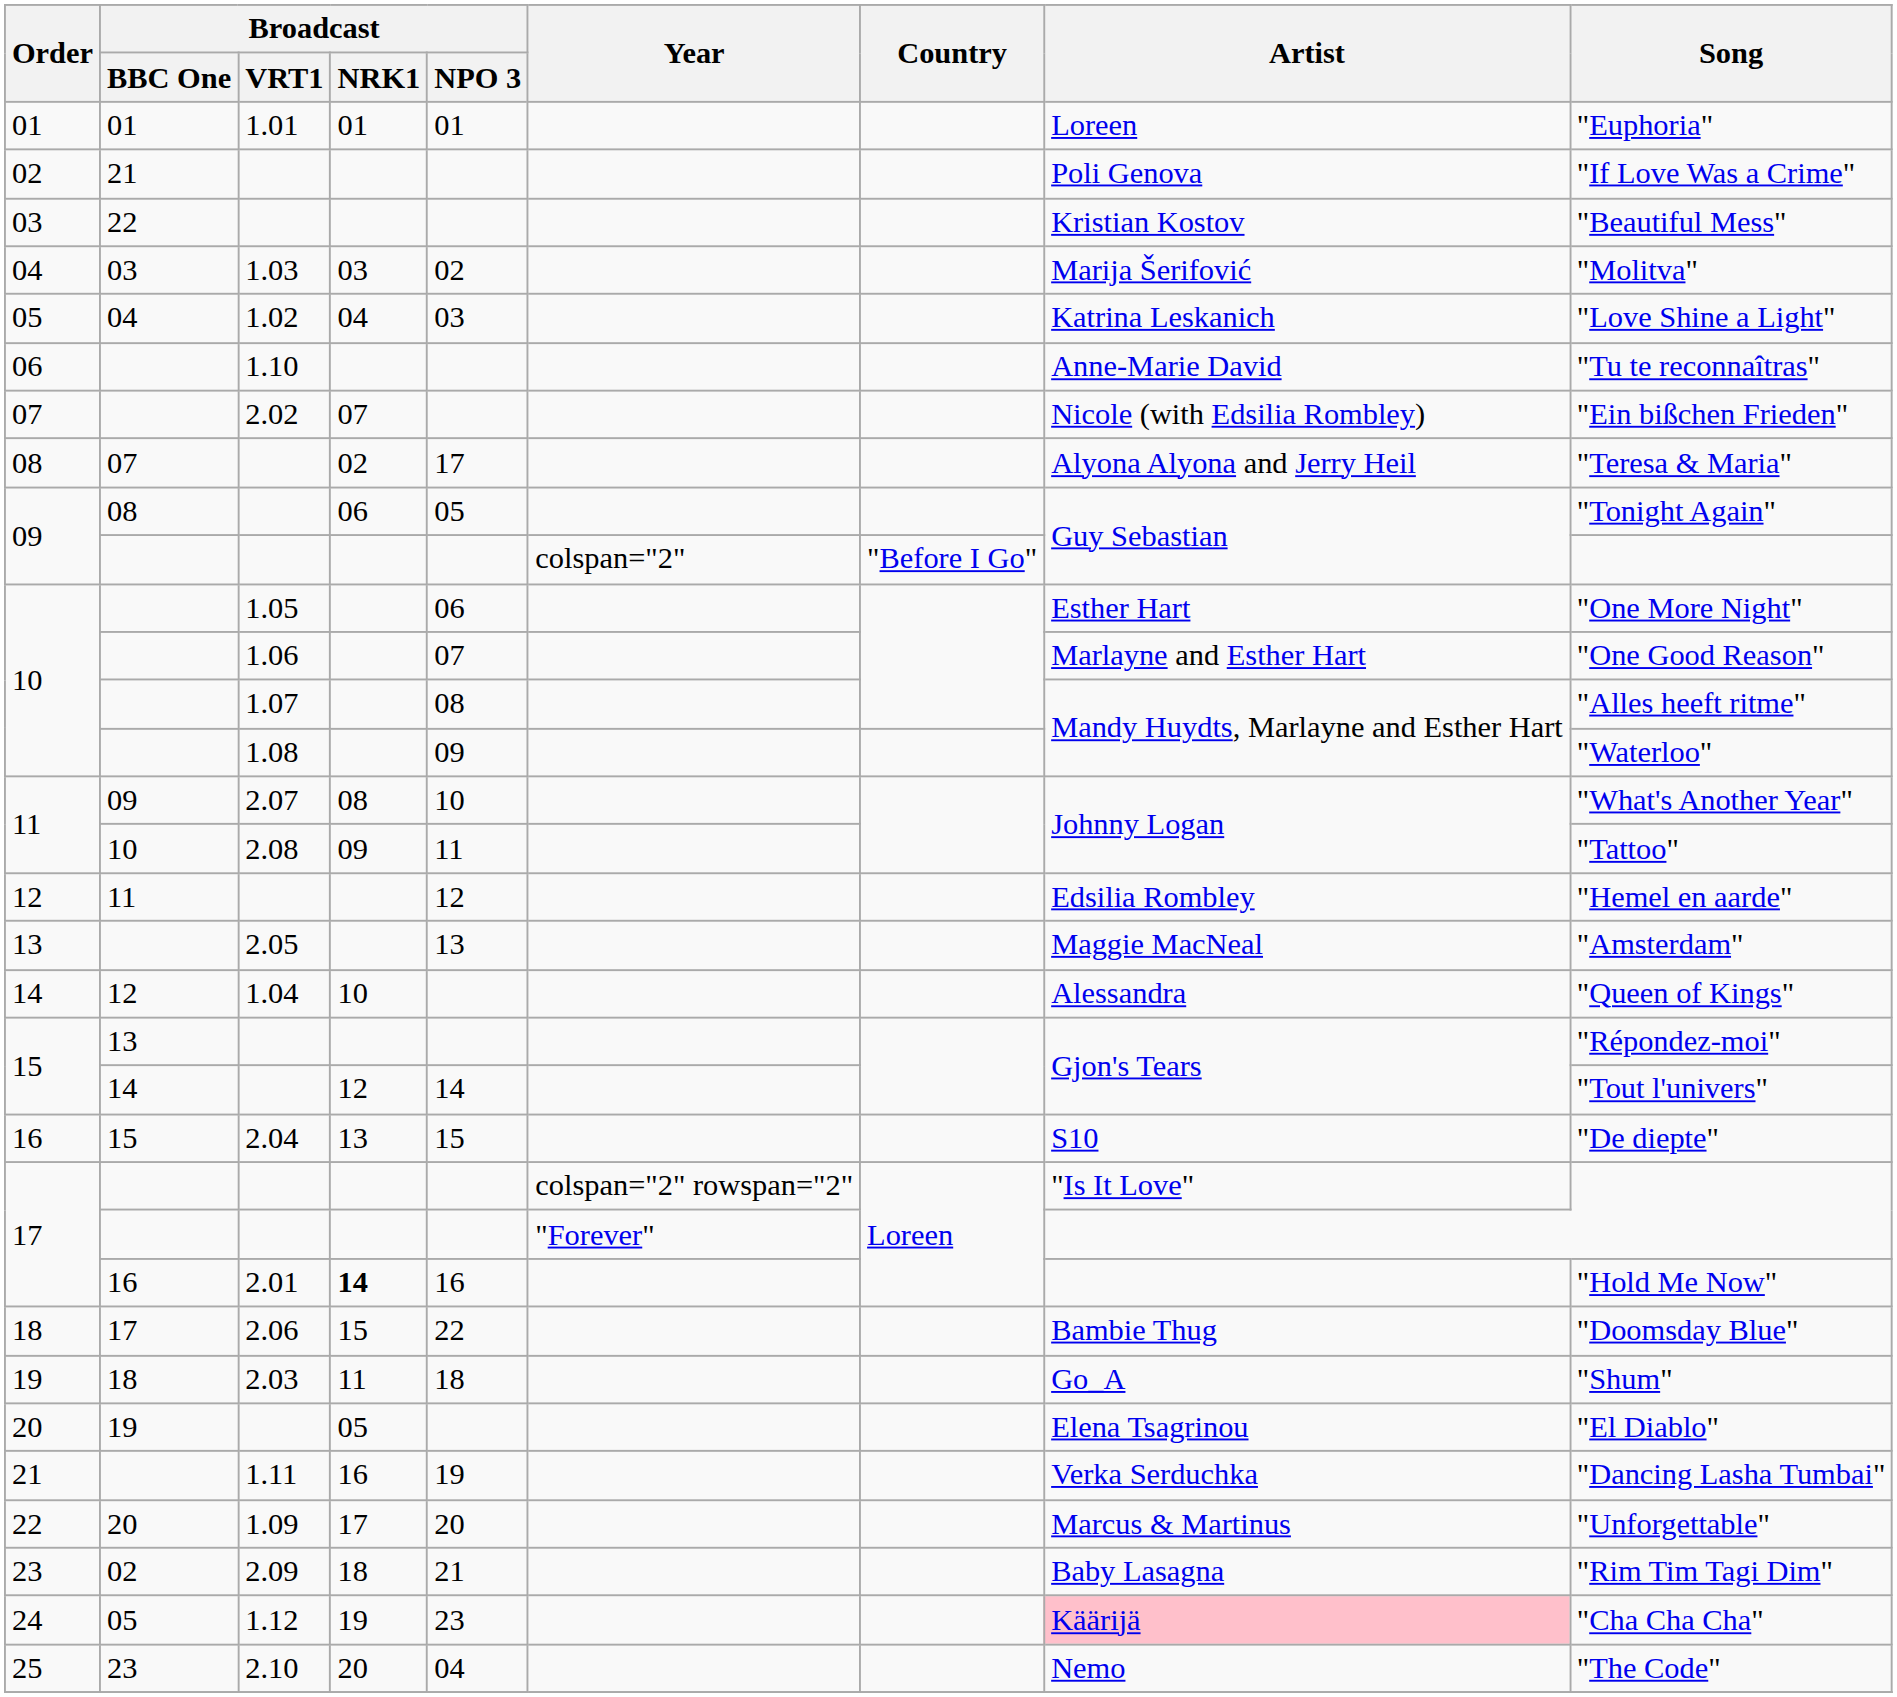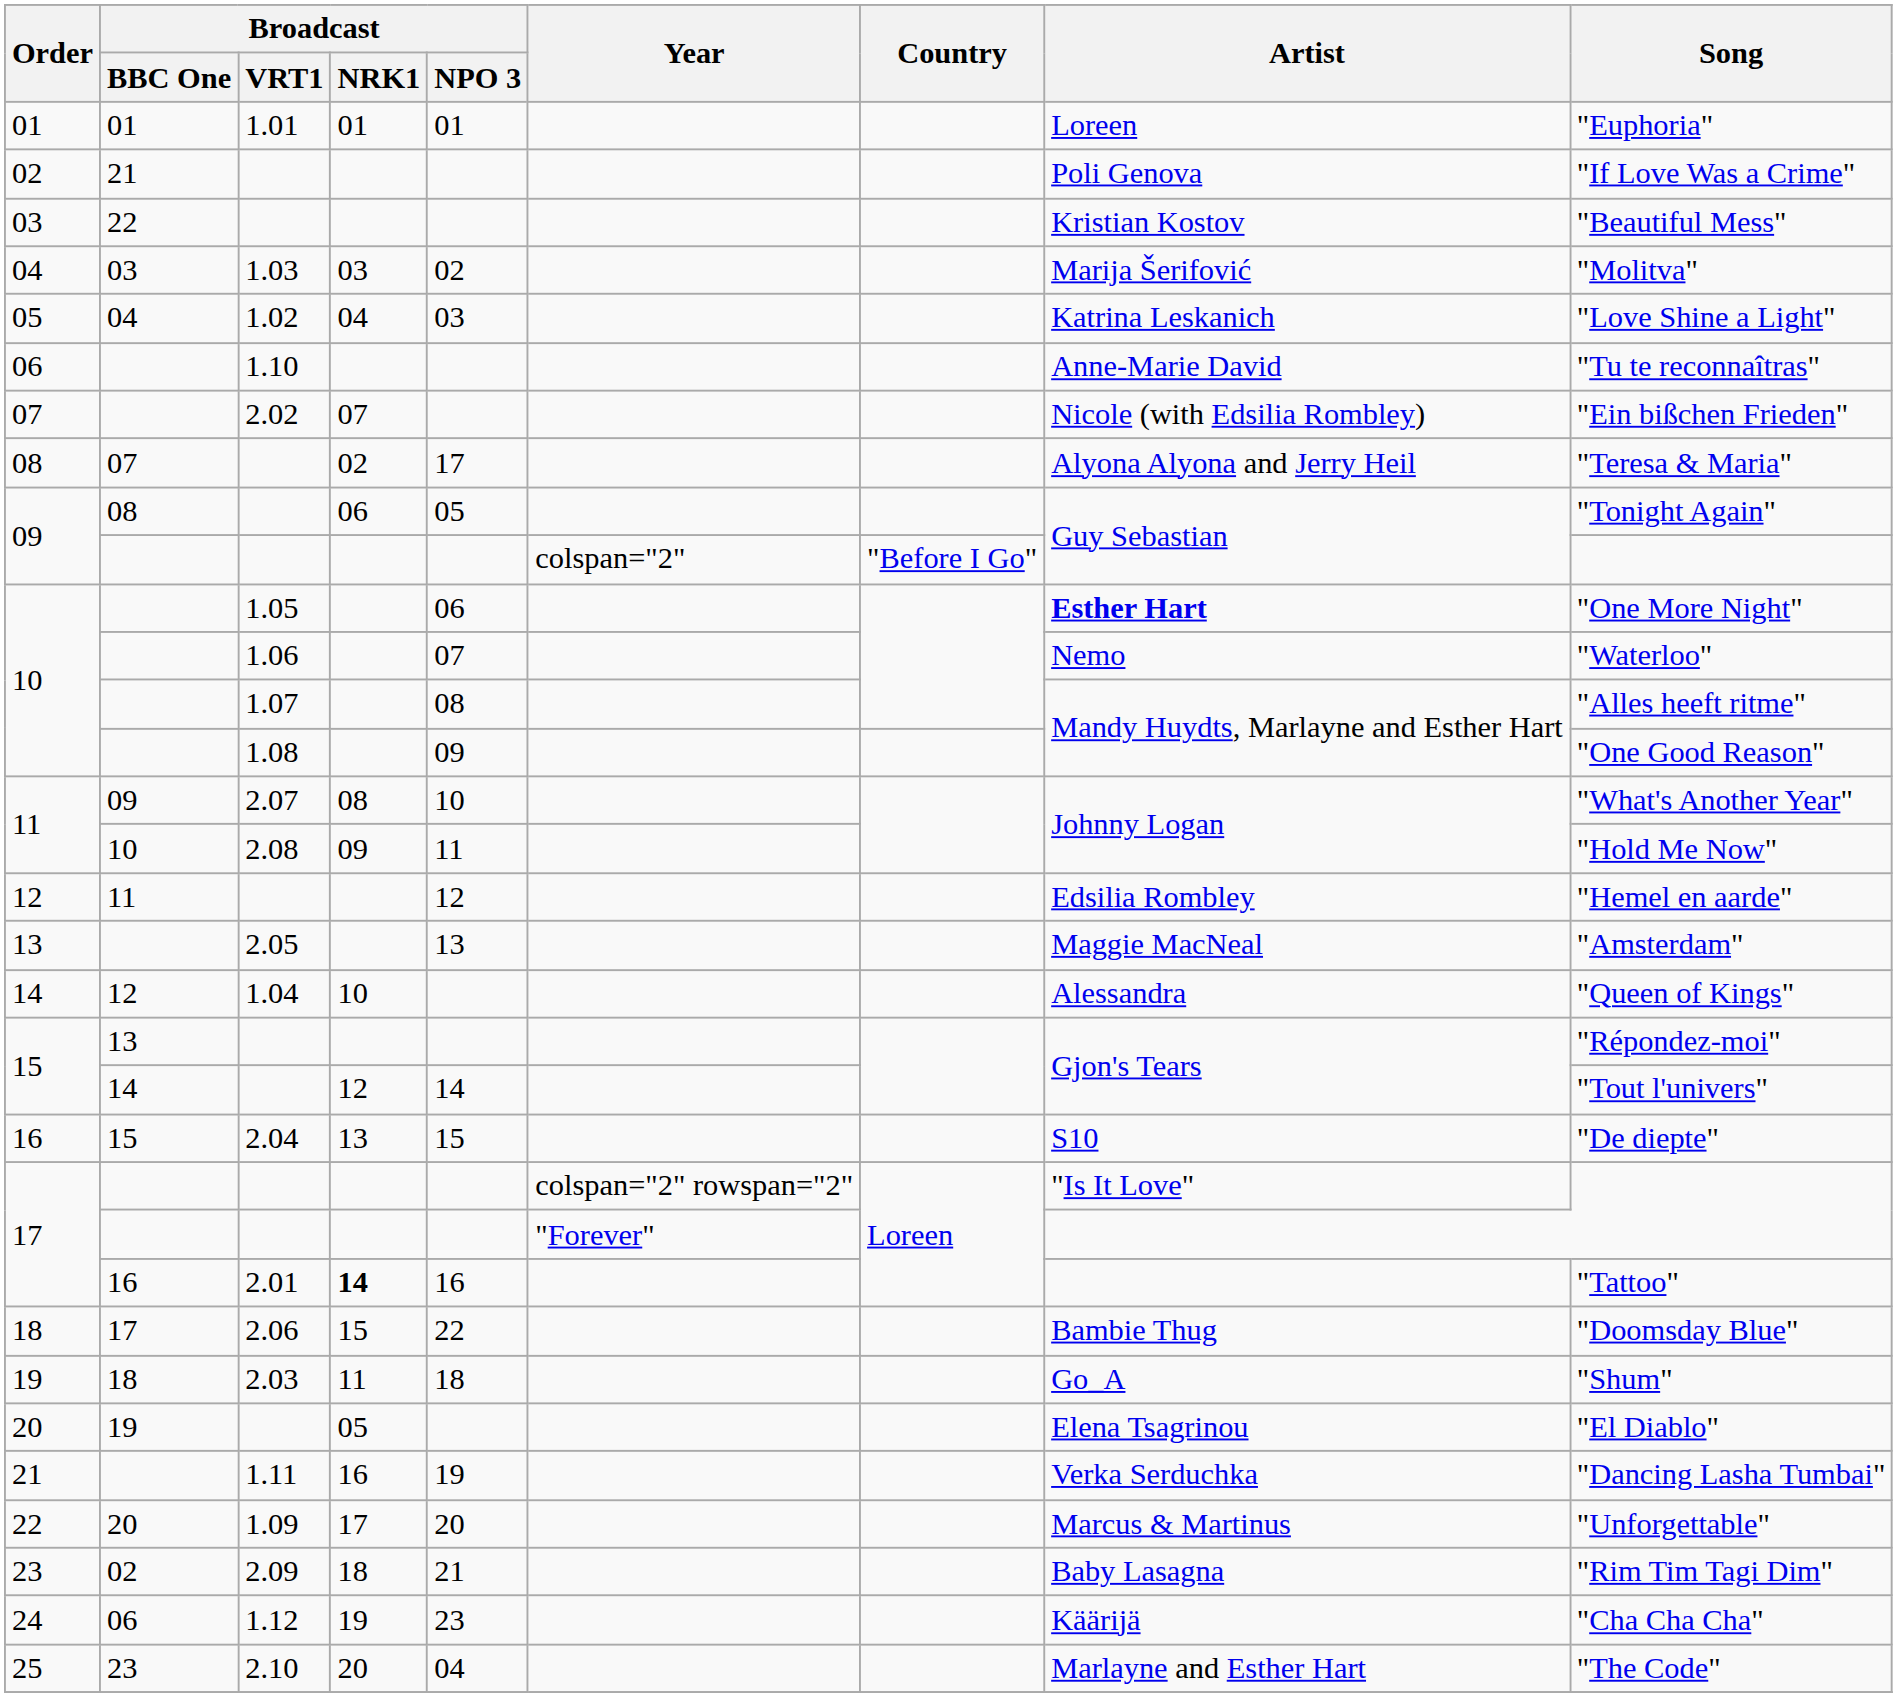 <table class="wikitable sortable">
 <tr>
 <th rowspan="2">Order</th>
 <th colspan="4">Broadcast</th>
 <th rowspan="2">Year</th>
 <th rowspan="2">Country</th>
 <th rowspan="2">Artist</th>
 <th rowspan="2">Song</th>
 </tr>
 <tr>
 <th>BBC One</th>
 <th>VRT1</th>
 <th>NRK1</th>
 <th>NPO 3</th>
 </tr>
 <tr>
 <td>01</td>
 <td>01</td>
 <td>1.01</td>
 <td>01</td>
 <td>01</td>
 <td></td>
 <td></td>
 <td><a href='#'>Loreen</a></td>
 <td>"<a href='#'>Euphoria</a>"</td>
 </tr>
 <tr>
 <td>02</td>
 <td>21</td>
 <td></td>
 <td></td>
 <td></td>
 <td></td>
 <td></td>
 <td><a href='#'>Poli Genova</a></td>
 <td>"<a href='#'>If Love Was a Crime</a>"</td>
 </tr>
 <tr>
 <td>03</td>
 <td>22</td>
 <td></td>
 <td></td>
 <td></td>
 <td></td>
 <td></td>
 <td><a href='#'>Kristian Kostov</a></td>
 <td>"<a href='#'>Beautiful Mess</a>"</td>
 </tr>
 <tr>
 <td>04</td>
 <td>03</td>
 <td>1.03</td>
 <td>03</td>
 <td>02</td>
 <td></td>
 <td></td>
 <td><a href='#'>Marija Šerifović</a></td>
 <td>"<a href='#'>Molitva</a>"</td>
 </tr>
 <tr>
 <td>05</td>
 <td>04</td>
 <td>1.02</td>
 <td>04</td>
 <td>03</td>
 <td></td>
 <td></td>
 <td><a href='#'>Katrina Leskanich</a></td>
 <td>"<a href='#'>Love Shine a Light</a>"</td>
 </tr>
 <tr>
 <td>06</td>
 <td></td>
 <td>1.10</td>
 <td></td>
 <td></td>
 <td></td>
 <td></td>
 <td><a href='#'>Anne-Marie David</a></td>
 <td>"<a href='#'>Tu te reconnaîtras</a>"</td>
 </tr>
 <tr>
 <td>07</td>
 <td></td>
 <td>2.02</td>
 <td>07</td>
 <td></td>
 <td></td>
 <td></td>
 <td><a href='#'>Nicole</a> (with <a href='#'>Edsilia Rombley</a>)</td>
 <td>"<a href='#'>Ein bißchen Frieden</a>"</td>
 </tr>
 <tr>
 <td>08</td>
 <td>07</td>
 <td></td>
 <td>02</td>
 <td>17</td>
 <td></td>
 <td></td>
 <td><a href='#'>Alyona Alyona</a> and <a href='#'>Jerry Heil</a></td>
 <td>"<a href='#'>Teresa & Maria</a>"</td>
 </tr>
 <tr>
 <td rowspan="2">09</td>
 <td>08</td>
 <td></td>
 <td>06</td>
 <td>05</td>
 <td></td>
 <td></td>
 <td rowspan="2"><a href='#'>Guy Sebastian</a></td>
 <td>"<a href='#'>Tonight Again</a>"</td>
 </tr>
 <tr>
 <td></td>
 <td></td>
 <td></td>
 <td></td>
 <td>colspan="2" </td>
 <td>"<a href='#'>Before I Go</a>"</td>
 </tr>
 <tr>
 <td rowspan="4">10</td>
 <td></td>
 <td>1.05</td>
 <td></td>
 <td>06</td>
 <td></td>
 <td rowspan="3"></td>
-<td><a href='#'>Esther Hart</a></td>
+<td><strong><a href='#'>Esther Hart</a></strong></td>
 <td>"<a href='#'>One More Night</a>"</td>
 </tr>
 <tr>
 <td></td>
 <td>1.06</td>
 <td></td>
 <td>07</td>
 <td></td>
-<td><a href='#'>Marlayne</a> and <a href='#'>Esther Hart</a></td>
-<td>"<a href='#'>One Good Reason</a>"</td>
+<td><a href='#'>Nemo</a></td>
+<td>"<a href='#'>Waterloo</a>"</td>
 </tr>
 <tr>
 <td></td>
 <td>1.07</td>
 <td></td>
 <td>08</td>
 <td></td>
 <td rowspan="2"><a href='#'>Mandy Huydts</a>, Marlayne and Esther Hart</td>
 <td>"<a href='#'>Alles heeft ritme</a>"</td>
 </tr>
 <tr>
 <td></td>
 <td>1.08</td>
 <td></td>
 <td>09</td>
 <td></td>
 <td></td>
-<td>"<a href='#'>Waterloo</a>"</td>
+<td>"<a href='#'>One Good Reason</a>"</td>
 </tr>
 <tr>
 <td rowspan="2">11</td>
 <td>09</td>
 <td>2.07</td>
 <td>08</td>
 <td>10</td>
 <td></td>
 <td rowspan="2"></td>
 <td rowspan="2"><a href='#'>Johnny Logan</a></td>
 <td>"<a href='#'>What's Another Year</a>"</td>
 </tr>
 <tr>
 <td>10</td>
 <td>2.08</td>
 <td>09</td>
 <td>11</td>
 <td></td>
-<td>"<a href='#'>Tattoo</a>"</td>
+<td>"<a href='#'>Hold Me Now</a>"</td>
 </tr>
 <tr>
 <td>12</td>
 <td>11</td>
 <td></td>
 <td></td>
 <td>12</td>
 <td></td>
 <td></td>
 <td><a href='#'>Edsilia Rombley</a></td>
 <td>"<a href='#'>Hemel en aarde</a>"</td>
 </tr>
 <tr>
 <td>13</td>
 <td></td>
 <td>2.05</td>
 <td></td>
 <td>13</td>
 <td></td>
 <td></td>
 <td><a href='#'>Maggie MacNeal</a></td>
 <td>"<a href='#'>Amsterdam</a>"</td>
 </tr>
 <tr>
 <td>14</td>
 <td>12</td>
 <td>1.04</td>
 <td>10</td>
 <td></td>
 <td></td>
 <td></td>
 <td><a href='#'>Alessandra</a></td>
 <td>"<a href='#'>Queen of Kings</a>"</td>
 </tr>
 <tr>
 <td rowspan="2">15</td>
 <td>13</td>
 <td></td>
 <td></td>
 <td></td>
 <td></td>
 <td rowspan="2"></td>
 <td rowspan="2"><a href='#'>Gjon's Tears</a></td>
 <td>"<a href='#'>Répondez-moi</a>"</td>
 </tr>
 <tr>
 <td>14</td>
 <td></td>
 <td>12</td>
 <td>14</td>
 <td></td>
 <td>"<a href='#'>Tout l'univers</a>"</td>
 </tr>
 <tr>
 <td>16</td>
 <td>15</td>
 <td>2.04</td>
 <td>13</td>
 <td>15</td>
 <td></td>
 <td></td>
 <td><a href='#'>S10</a></td>
 <td>"<a href='#'>De diepte</a>"</td>
 </tr>
 <tr>
 <td rowspan="3">17</td>
 <td></td>
 <td></td>
 <td></td>
 <td></td>
 <td>colspan="2" rowspan="2" </td>
 <td rowspan="3"><a href='#'>Loreen</a></td>
 <td>"<a href='#'>Is It Love</a>"</td>
 </tr>
 <tr>
 <td></td>
 <td></td>
 <td></td>
 <td></td>
 <td>"<a href='#'>Forever</a>"</td>
 </tr>
 <tr>
 <td>16</td>
 <td>2.01</td>
 <td><strong>14</strong></td>
 <td>16</td>
 <td></td>
 <td></td>
-<td>"<a href='#'>Hold Me Now</a>"</td>
+<td>"<a href='#'>Tattoo</a>"</td>
 </tr>
 <tr>
 <td>18</td>
 <td>17</td>
 <td>2.06</td>
 <td>15</td>
 <td>22</td>
 <td></td>
 <td></td>
 <td><a href='#'>Bambie Thug</a></td>
 <td>"<a href='#'>Doomsday Blue</a>"</td>
 </tr>
 <tr>
 <td>19</td>
 <td>18</td>
 <td>2.03</td>
 <td>11</td>
 <td>18</td>
 <td></td>
 <td></td>
 <td><a href='#'>Go_A</a></td>
 <td>"<a href='#'>Shum</a>"</td>
 </tr>
 <tr>
 <td>20</td>
 <td>19</td>
 <td></td>
 <td>05</td>
 <td></td>
 <td></td>
 <td></td>
 <td><a href='#'>Elena Tsagrinou</a></td>
 <td>"<a href='#'>El Diablo</a>"</td>
 </tr>
 <tr>
 <td>21</td>
 <td></td>
 <td>1.11</td>
 <td>16</td>
 <td>19</td>
 <td></td>
 <td></td>
 <td><a href='#'>Verka Serduchka</a></td>
 <td>"<a href='#'>Dancing Lasha Tumbai</a>"</td>
 </tr>
 <tr>
 <td>22</td>
 <td>20</td>
 <td>1.09</td>
 <td>17</td>
 <td>20</td>
 <td></td>
 <td></td>
 <td><a href='#'>Marcus & Martinus</a></td>
 <td>"<a href='#'>Unforgettable</a>"</td>
 </tr>
 <tr>
 <td>23</td>
 <td>02</td>
 <td>2.09</td>
 <td>18</td>
 <td>21</td>
 <td></td>
 <td></td>
 <td><a href='#'>Baby Lasagna</a></td>
 <td>"<a href='#'>Rim Tim Tagi Dim</a>"</td>
 </tr>
 <tr>
 <td>24</td>
-<td>05</td>
+<td>06</td>
 <td>1.12</td>
 <td>19</td>
 <td>23</td>
 <td></td>
 <td></td>
-<td style="background: pink;"><a href='#'>Käärijä</a></td>
+<td><a href='#'>Käärijä</a></td>
 <td>"<a href='#'>Cha Cha Cha</a>"</td>
 </tr>
 <tr>
 <td>25</td>
 <td>23</td>
 <td>2.10</td>
 <td>20</td>
 <td>04</td>
 <td></td>
 <td></td>
-<td><a href='#'>Nemo</a></td>
+<td><a href='#'>Marlayne</a> and <a href='#'>Esther Hart</a></td>
 <td>"<a href='#'>The Code</a>"</td>
 </tr>
 <tr>
 </tr>
 </table>
